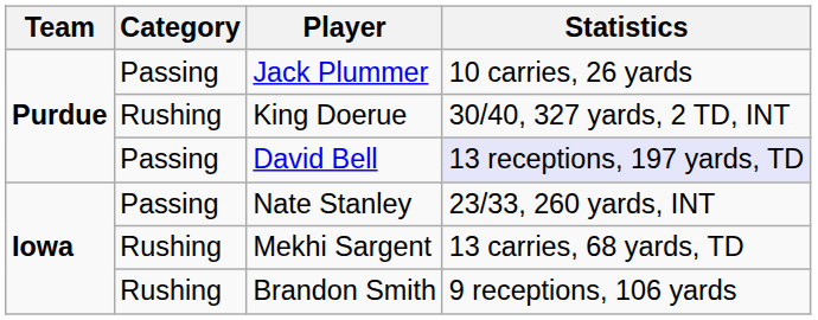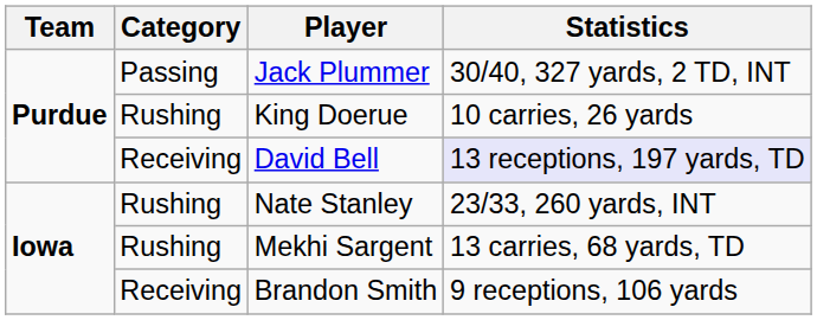 <table class="wikitable" style="float: left;">
 <tr>
 <th>Team</th>
 <th>Category</th>
 <th>Player</th>
 <th>Statistics</th>
 </tr>
 <tr>
 <td rowspan=3><strong>Purdue</strong></td>
 <td>Passing</td>
 <td><a href='#'>Jack Plummer</a></td>
-<td>10 carries, 26 yards</td>
+<td>30/40, 327 yards, 2 TD, INT</td>
 </tr>
 <tr>
 <td>Rushing</td>
 <td>King Doerue</td>
-<td>30/40, 327 yards, 2 TD, INT</td>
+<td>10 carries, 26 yards</td>
 </tr>
 <tr>
-<td>Passing</td>
+<td>Receiving</td>
 <td><a href='#'>David Bell</a></td>
 <td style="background: lavender;">13 receptions, 197 yards, TD</td>
 </tr>
 <tr>
 <td rowspan=3><strong>Iowa</strong></td>
-<td>Passing</td>
+<td>Rushing</td>
 <td>Nate Stanley</td>
 <td>23/33, 260 yards, INT</td>
 </tr>
 <tr>
 <td>Rushing</td>
 <td>Mekhi Sargent</td>
 <td>13 carries, 68 yards, TD</td>
 </tr>
 <tr>
-<td>Rushing</td>
+<td>Receiving</td>
 <td>Brandon Smith</td>
 <td>9 receptions, 106 yards</td>
 </tr>
 </table>
